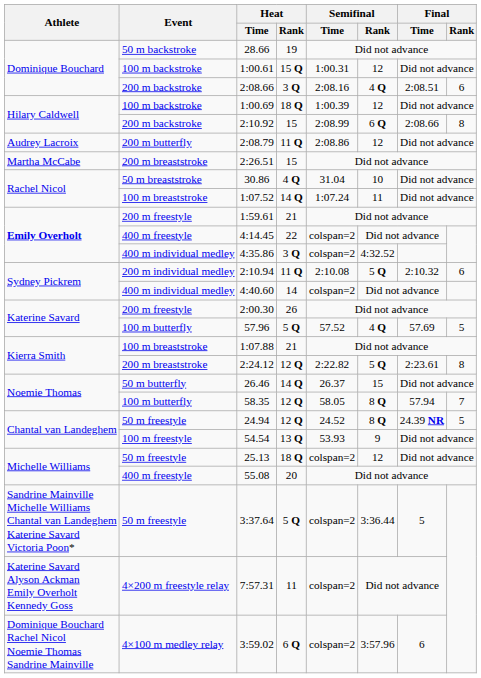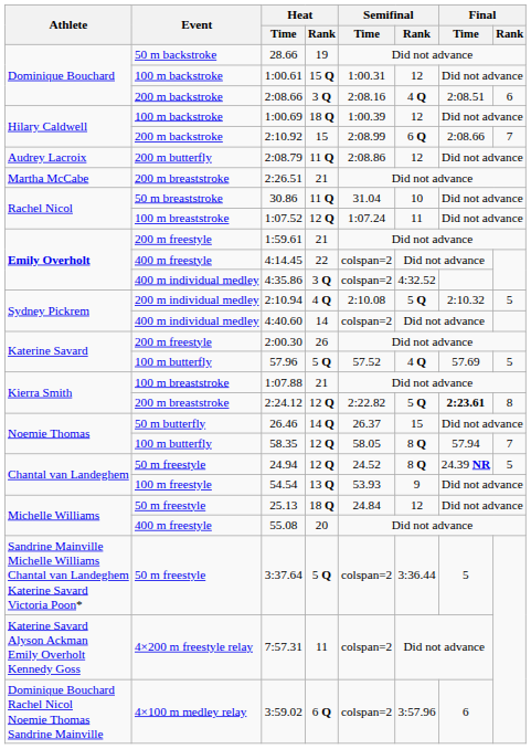 <table class=wikitable style="font-size:90%">
 <tr>
 <th rowspan=2>Athlete</th>
 <th rowspan=2>Event</th>
 <th colspan="2">Heat</th>
 <th colspan="2">Semifinal</th>
 <th colspan="2">Final</th>
 </tr>
 <tr style="font-size:95%">
 <th>Time</th>
 <th>Rank</th>
 <th>Time</th>
 <th>Rank</th>
 <th>Time</th>
 <th>Rank</th>
 </tr>
 <tr align=center>
 <td align=left rowspan=3><a href='#'>Dominique Bouchard</a></td>
 <td align=left><a href='#'>50 m backstroke</a></td>
 <td>28.66</td>
 <td>19</td>
 <td colspan=4>Did not advance</td>
 </tr>
 <tr align=center>
 <td align=left><a href='#'>100 m backstroke</a></td>
 <td>1:00.61</td>
 <td>15 <strong>Q</strong></td>
 <td>1:00.31</td>
 <td>12</td>
 <td colspan=2>Did not advance</td>
 </tr>
 <tr align=center>
 <td align=left><a href='#'>200 m backstroke</a></td>
 <td>2:08.66</td>
 <td>3 <strong>Q</strong></td>
 <td>2:08.16</td>
 <td>4 <strong>Q</strong></td>
 <td>2:08.51</td>
 <td>6</td>
 </tr>
 <tr align=center>
 <td align=left rowspan=2><a href='#'>Hilary Caldwell</a></td>
 <td align=left><a href='#'>100 m backstroke</a></td>
 <td>1:00.69</td>
 <td>18 <strong>Q</strong></td>
 <td>1:00.39</td>
 <td>12</td>
 <td colspan=2>Did not advance</td>
 </tr>
 <tr align=center>
 <td align=left><a href='#'>200 m backstroke</a></td>
 <td>2:10.92</td>
 <td>15</td>
 <td>2:08.99</td>
 <td>6 <strong>Q</strong></td>
 <td>2:08.66</td>
-<td>8</td>
+<td>7</td>
 </tr>
 <tr align=center>
 <td align=left><a href='#'>Audrey Lacroix</a></td>
 <td align=left><a href='#'>200 m butterfly</a></td>
 <td>2:08.79</td>
 <td>11 <strong>Q</strong></td>
 <td>2:08.86</td>
 <td>12</td>
 <td colspan=2>Did not advance</td>
 </tr>
 <tr align=center>
 <td align=left><a href='#'>Martha McCabe</a></td>
 <td align=left><a href='#'>200 m breaststroke</a></td>
 <td>2:26.51</td>
-<td>15</td>
+<td>21</td>
 <td colspan=4>Did not advance</td>
 </tr>
 <tr align=center>
 <td align=left rowspan=2><a href='#'>Rachel Nicol</a></td>
 <td align=left><a href='#'>50 m breaststroke</a></td>
 <td>30.86</td>
-<td>4 <strong>Q</strong></td>
+<td>11 <strong>Q</strong></td>
 <td>31.04</td>
 <td>10</td>
 <td colspan=2>Did not advance</td>
 </tr>
 <tr align=center>
 <td align=left><a href='#'>100 m breaststroke</a></td>
 <td>1:07.52</td>
-<td>14 <strong>Q</strong></td>
+<td>12 <strong>Q</strong></td>
 <td>1:07.24</td>
 <td>11</td>
 <td colspan=2>Did not advance</td>
 </tr>
 <tr align=center>
 <td align=left rowspan=3><strong><a href='#'>Emily Overholt</a></strong></td>
 <td align=left><a href='#'>200 m freestyle</a></td>
 <td>1:59.61</td>
 <td>21</td>
 <td colspan=4>Did not advance</td>
 </tr>
 <tr align=center>
 <td align=left><a href='#'>400 m freestyle</a></td>
 <td>4:14.45</td>
 <td>22</td>
 <td>colspan=2 </td>
 <td colspan=2>Did not advance</td>
 </tr>
 <tr align=center>
 <td align=left><a href='#'>400 m individual medley</a></td>
 <td>4:35.86</td>
 <td>3 <strong>Q</strong></td>
 <td>colspan=2 </td>
 <td>4:32.52</td>
 <td></td>
 </tr>
 <tr align=center>
 <td align=left rowspan=2><a href='#'>Sydney Pickrem</a></td>
 <td align=left><a href='#'>200 m individual medley</a></td>
 <td>2:10.94</td>
-<td>11 <strong>Q</strong></td>
+<td>4 <strong>Q</strong></td>
 <td>2:10.08</td>
 <td>5 <strong>Q</strong></td>
 <td>2:10.32</td>
-<td>6</td>
+<td>5</td>
 </tr>
 <tr align=center>
 <td align=left><a href='#'>400 m individual medley</a></td>
 <td>4:40.60</td>
 <td>14</td>
 <td>colspan=2 </td>
 <td colspan=2>Did not advance</td>
 </tr>
 <tr align=center>
 <td align=left rowspan=2><a href='#'>Katerine Savard</a></td>
 <td align=left><a href='#'>200 m freestyle</a></td>
 <td>2:00.30</td>
 <td>26</td>
 <td colspan=4>Did not advance</td>
 </tr>
 <tr align=center>
 <td align=left><a href='#'>100 m butterfly</a></td>
 <td>57.96</td>
 <td>5 <strong>Q</strong></td>
 <td>57.52</td>
 <td>4 <strong>Q</strong></td>
 <td>57.69</td>
 <td>5</td>
 </tr>
 <tr align=center>
 <td align=left rowspan=2><a href='#'>Kierra Smith</a></td>
 <td align=left><a href='#'>100 m breaststroke</a></td>
 <td>1:07.88</td>
 <td>21</td>
 <td colspan=4>Did not advance</td>
 </tr>
 <tr align=center>
 <td align=left><a href='#'>200 m breaststroke</a></td>
 <td>2:24.12</td>
 <td>12 <strong>Q</strong></td>
 <td>2:22.82</td>
 <td>5 <strong>Q</strong></td>
-<td>2:23.61</td>
+<td><strong>2:23.61</strong></td>
 <td>8</td>
 </tr>
 <tr align=center>
 <td align=left rowspan=2><a href='#'>Noemie Thomas</a></td>
 <td align=left><a href='#'>50 m butterfly</a></td>
 <td>26.46</td>
 <td>14 <strong>Q</strong></td>
 <td>26.37</td>
 <td>15</td>
 <td colspan=2>Did not advance</td>
 </tr>
 <tr align=center>
 <td align=left><a href='#'>100 m butterfly</a></td>
 <td>58.35</td>
 <td>12 <strong>Q</strong></td>
 <td>58.05</td>
 <td>8 <strong>Q</strong></td>
 <td>57.94</td>
 <td>7</td>
 </tr>
 <tr align=center>
 <td align=left rowspan=2><a href='#'>Chantal van Landeghem</a></td>
 <td align=left><a href='#'>50 m freestyle</a></td>
 <td>24.94</td>
 <td>12 <strong>Q</strong></td>
 <td>24.52</td>
 <td>8 <strong>Q</strong></td>
 <td>24.39 <strong><a href='#'>NR</a></strong></td>
 <td>5</td>
 </tr>
 <tr align=center>
 <td align=left><a href='#'>100 m freestyle</a></td>
 <td>54.54</td>
 <td>13 <strong>Q</strong></td>
 <td>53.93</td>
 <td>9</td>
 <td colspan=2>Did not advance</td>
 </tr>
 <tr align=center>
 <td align=left rowspan=2><a href='#'>Michelle Williams</a></td>
 <td align=left><a href='#'>50 m freestyle</a></td>
 <td>25.13</td>
 <td>18 <strong>Q</strong></td>
-<td>colspan=2 </td>
+<td>24.84</td>
 <td>12</td>
 <td colspan=2>Did not advance</td>
 </tr>
 <tr align=center>
 <td align=left><a href='#'>400 m freestyle</a></td>
 <td>55.08</td>
 <td>20</td>
 <td colspan=4>Did not advance</td>
 </tr>
 <tr align=center>
 <td align=left><a href='#'>Sandrine Mainville</a><br><a href='#'>Michelle Williams</a><br><a href='#'>Chantal van Landeghem</a><br><a href='#'>Katerine Savard</a><br><a href='#'>Victoria Poon</a>*</td>
 <td align=left><a href='#'>50 m freestyle</a></td>
 <td>3:37.64</td>
 <td>5 <strong>Q</strong></td>
 <td>colspan=2 </td>
 <td>3:36.44</td>
 <td>5</td>
 </tr>
 <tr align=center>
 <td align=left><a href='#'>Katerine Savard</a><br><a href='#'>Alyson Ackman</a><br><a href='#'>Emily Overholt</a><br><a href='#'>Kennedy Goss</a></td>
 <td align=left><a href='#'>4×200 m freestyle relay</a></td>
 <td>7:57.31</td>
 <td>11</td>
 <td>colspan=2 </td>
 <td colspan=2>Did not advance</td>
 </tr>
 <tr align=center>
 <td align=left><a href='#'>Dominique Bouchard</a><br><a href='#'>Rachel Nicol</a><br><a href='#'>Noemie Thomas</a><br><a href='#'>Sandrine Mainville</a></td>
 <td align=left><a href='#'>4×100 m medley relay</a></td>
 <td>3:59.02</td>
 <td>6 <strong>Q</strong></td>
 <td>colspan=2 </td>
 <td>3:57.96</td>
 <td>6</td>
 </tr>
 </table>
